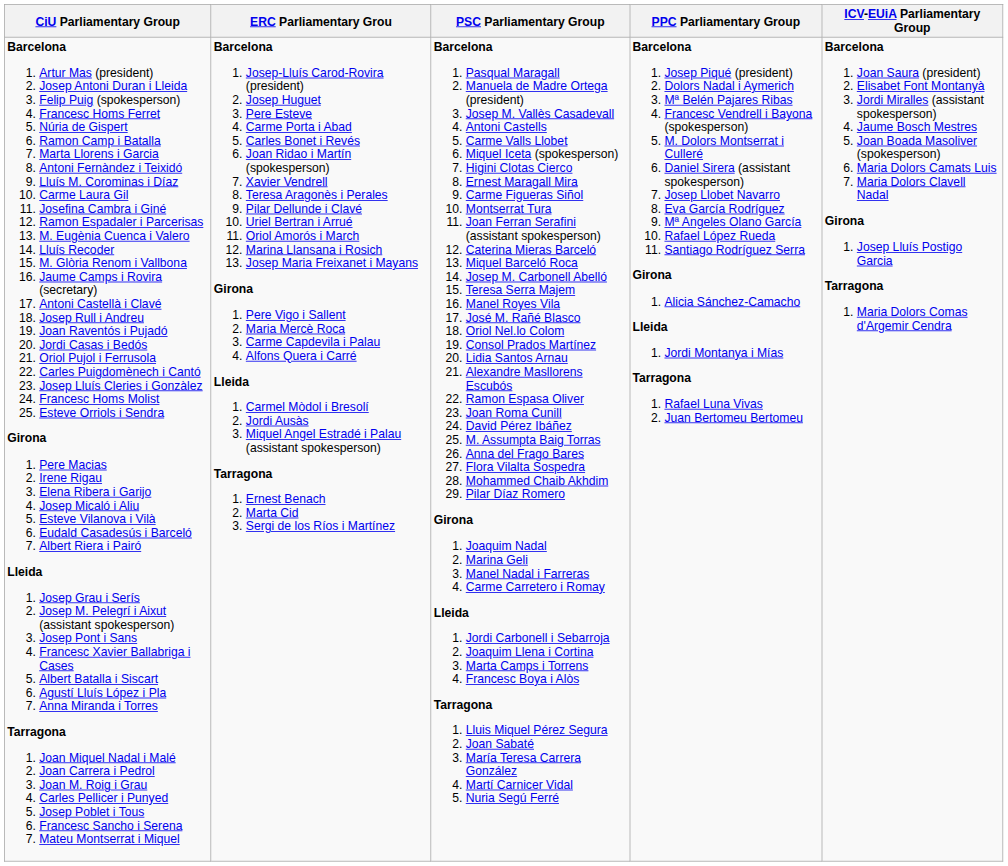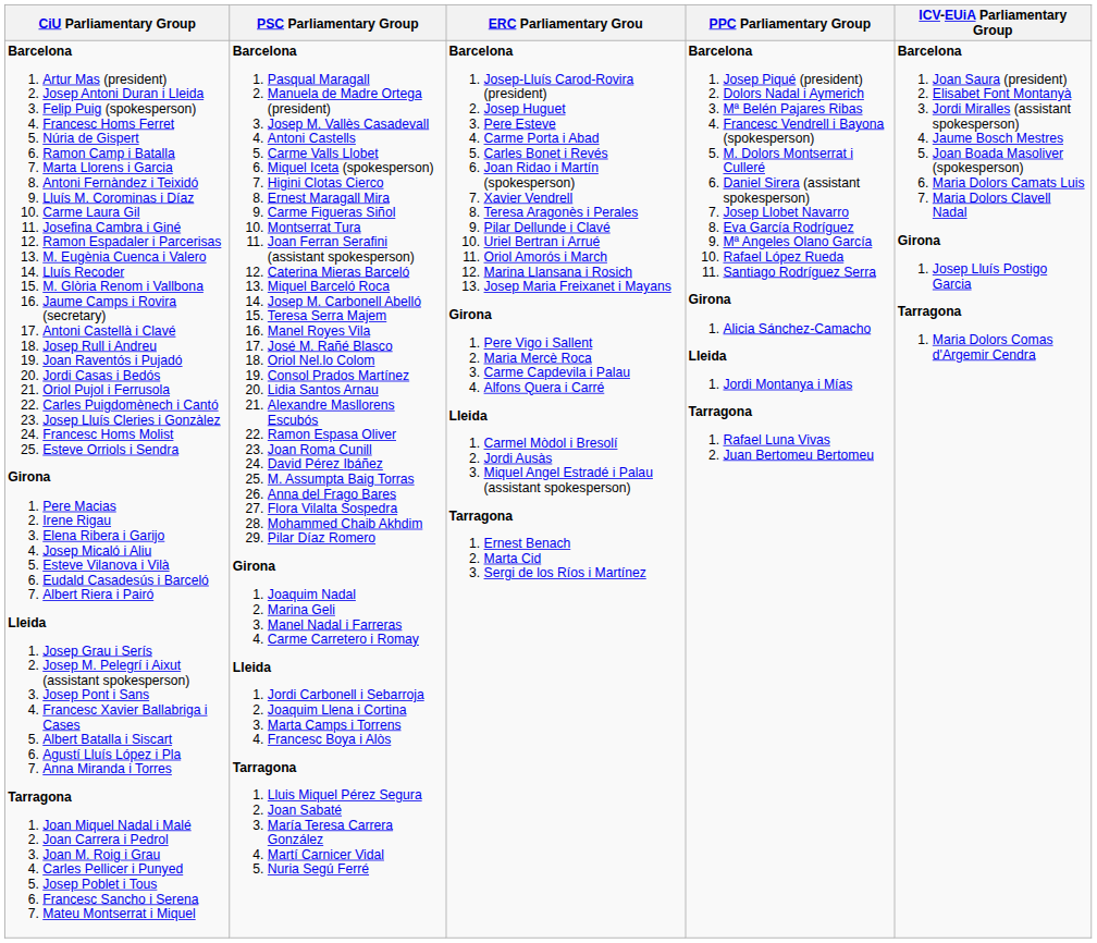 <table class="wikitable" style="font-size: 95%;">
 <tr>
 <th><a href='#'>CiU</a> Parliamentary Group</th>
+<th><a href='#'>PSC</a> Parliamentary Group</th>
 <th><a href='#'>ERC</a> Parliamentary Grou</th>
-<th><a href='#'>PSC</a> Parliamentary Group</th>
 <th><a href='#'>PPC</a> Parliamentary Group</th>
 <th><a href='#'>ICV</a>-<a href='#'>EUiA</a> Parliamentary Group</th>
 </tr>
 <tr>
 <td valign="top"><strong>Barcelona</strong><br><ol><li><a href='#'>Artur Mas</a> (president)</li><li><a href='#'>Josep Antoni Duran i Lleida</a></li><li><a href='#'>Felip Puig</a> (spokesperson)</li><li><a href='#'>Francesc Homs Ferret</a></li><li><a href='#'>Núria de Gispert</a></li><li><a href='#'>Ramon Camp i Batalla</a></li><li><a href='#'>Marta Llorens i Garcia</a></li><li><a href='#'>Antoni Fernàndez i Teixidó</a></li><li><a href='#'>Lluís M. Corominas i Díaz</a></li><li><a href='#'>Carme Laura Gil</a></li><li><a href='#'>Josefina Cambra i Giné</a></li><li><a href='#'>Ramon Espadaler i Parcerisas</a></li><li><a href='#'>M. Eugènia Cuenca i Valero</a></li><li><a href='#'>Lluís Recoder</a></li><li><a href='#'>M. Glòria Renom i Vallbona</a></li><li><a href='#'>Jaume Camps i Rovira</a> (secretary)</li><li><a href='#'>Antoni Castellà i Clavé</a></li><li><a href='#'>Josep Rull i Andreu</a></li><li><a href='#'>Joan Raventós i Pujadó</a></li><li><a href='#'>Jordi Casas i Bedós</a></li><li><a href='#'>Oriol Pujol i Ferrusola</a></li><li><a href='#'>Carles Puigdomènech i Cantó</a></li><li><a href='#'>Josep Lluís Cleries i Gonzàlez</a></li><li><a href='#'>Francesc Homs Molist</a></li><li><a href='#'>Esteve Orriols i Sendra</a></li></ol><strong>Girona</strong><ol><li><a href='#'>Pere Macias</a></li><li><a href='#'>Irene Rigau</a></li><li><a href='#'>Elena Ribera i Garijo</a></li><li><a href='#'>Josep Micaló i Aliu</a></li><li><a href='#'>Esteve Vilanova i Vilà</a></li><li><a href='#'>Eudald Casadesús i Barceló</a></li><li><a href='#'>Albert Riera i Pairó</a></li></ol><strong>Lleida</strong><ol><li><a href='#'>Josep Grau i Serís</a></li><li><a href='#'>Josep M. Pelegrí i Aixut</a> (assistant spokesperson)</li><li><a href='#'>Josep Pont i Sans</a></li><li><a href='#'>Francesc Xavier Ballabriga i Cases</a></li><li><a href='#'>Albert Batalla i Siscart</a></li><li><a href='#'>Agustí Lluís López i Pla</a></li><li><a href='#'>Anna Miranda i Torres</a></li></ol><strong>Tarragona</strong><ol><li><a href='#'>Joan Miquel Nadal i Malé</a></li><li><a href='#'>Joan Carrera i Pedrol</a></li><li><a href='#'>Joan M. Roig i Grau</a></li><li><a href='#'>Carles Pellicer i Punyed</a></li><li><a href='#'>Josep Poblet i Tous</a></li><li><a href='#'>Francesc Sancho i Serena</a></li><li><a href='#'>Mateu Montserrat i Miquel</a></li></ol></td>
+<td valign="top"><strong>Barcelona</strong><br><ol><li><a href='#'>Pasqual Maragall</a></li><li><a href='#'>Manuela de Madre Ortega</a> (president)</li><li><a href='#'>Josep M. Vallès Casadevall</a></li><li><a href='#'>Antoni Castells</a></li><li><a href='#'>Carme Valls Llobet</a></li><li><a href='#'>Miquel Iceta</a> (spokesperson)</li><li><a href='#'>Higini Clotas Cierco</a></li><li><a href='#'>Ernest Maragall Mira</a></li><li><a href='#'>Carme Figueras Siñol</a></li><li><a href='#'>Montserrat Tura</a></li><li><a href='#'>Joan Ferran Serafini</a> (assistant spokesperson)</li><li><a href='#'>Caterina Mieras Barceló</a></li><li><a href='#'>Miquel Barceló Roca</a></li><li><a href='#'>Josep M. Carbonell Abelló</a></li><li><a href='#'>Teresa Serra Majem</a></li><li><a href='#'>Manel Royes Vila</a></li><li><a href='#'>José M. Rañé Blasco</a></li><li><a href='#'>Oriol Nel.lo Colom</a></li><li><a href='#'>Consol Prados Martínez</a></li><li><a href='#'>Lidia Santos Arnau</a></li><li><a href='#'>Alexandre Masllorens Escubós</a></li><li><a href='#'>Ramon Espasa Oliver</a></li><li><a href='#'>Joan Roma Cunill</a></li><li><a href='#'>David Pérez Ibáñez</a></li><li><a href='#'>M. Assumpta Baig Torras</a></li><li><a href='#'>Anna del Frago Bares</a></li><li><a href='#'>Flora Vilalta Sospedra</a></li><li><a href='#'>Mohammed Chaib Akhdim</a></li><li><a href='#'>Pilar Díaz Romero</a></li></ol><strong>Girona</strong><ol><li><a href='#'>Joaquim Nadal</a></li><li><a href='#'>Marina Geli</a></li><li><a href='#'>Manel Nadal i Farreras</a></li><li><a href='#'>Carme Carretero i Romay</a></li></ol><strong>Lleida</strong><ol><li><a href='#'>Jordi Carbonell i Sebarroja</a></li><li><a href='#'>Joaquim Llena i Cortina</a></li><li><a href='#'>Marta Camps i Torrens</a></li><li><a href='#'>Francesc Boya i Alòs</a></li></ol><strong>Tarragona</strong><ol><li><a href='#'>Lluis Miquel Pérez Segura</a></li><li><a href='#'>Joan Sabaté</a></li><li><a href='#'>María Teresa Carrera González</a></li><li><a href='#'>Martí Carnicer Vidal</a></li><li><a href='#'>Nuria Segú Ferré</a></li></ol></td>
 <td valign="top"><strong>Barcelona</strong><br><ol><li><a href='#'>Josep-Lluís Carod-Rovira</a> (president)</li><li><a href='#'>Josep Huguet</a></li><li><a href='#'>Pere Esteve</a></li><li><a href='#'>Carme Porta i Abad</a></li><li><a href='#'>Carles Bonet i Revés</a></li><li><a href='#'>Joan Ridao i Martín</a> (spokesperson)</li><li><a href='#'>Xavier Vendrell</a></li><li><a href='#'>Teresa Aragonès i Perales</a></li><li><a href='#'>Pilar Dellunde i Clavé</a></li><li><a href='#'>Uriel Bertran i Arrué</a></li><li><a href='#'>Oriol Amorós i March</a></li><li><a href='#'>Marina Llansana i Rosich</a></li><li><a href='#'>Josep Maria Freixanet i Mayans</a></li></ol><strong>Girona</strong><ol><li><a href='#'>Pere Vigo i Sallent</a></li><li><a href='#'>Maria Mercè Roca</a></li><li><a href='#'>Carme Capdevila i Palau</a></li><li><a href='#'>Alfons Quera i Carré</a></li></ol><strong>Lleida</strong><ol><li><a href='#'>Carmel Mòdol i Bresolí</a></li><li><a href='#'>Jordi Ausàs</a></li><li><a href='#'>Miquel Angel Estradé i Palau</a> (assistant spokesperson)</li></ol><strong>Tarragona</strong><ol><li><a href='#'>Ernest Benach</a></li><li><a href='#'>Marta Cid</a></li><li><a href='#'>Sergi de los Ríos i Martínez</a></li></ol></td>
-<td valign="top"><strong>Barcelona</strong><br><ol><li><a href='#'>Pasqual Maragall</a></li><li><a href='#'>Manuela de Madre Ortega</a> (president)</li><li><a href='#'>Josep M. Vallès Casadevall</a></li><li><a href='#'>Antoni Castells</a></li><li><a href='#'>Carme Valls Llobet</a></li><li><a href='#'>Miquel Iceta</a> (spokesperson)</li><li><a href='#'>Higini Clotas Cierco</a></li><li><a href='#'>Ernest Maragall Mira</a></li><li><a href='#'>Carme Figueras Siñol</a></li><li><a href='#'>Montserrat Tura</a></li><li><a href='#'>Joan Ferran Serafini</a> (assistant spokesperson)</li><li><a href='#'>Caterina Mieras Barceló</a></li><li><a href='#'>Miquel Barceló Roca</a></li><li><a href='#'>Josep M. Carbonell Abelló</a></li><li><a href='#'>Teresa Serra Majem</a></li><li><a href='#'>Manel Royes Vila</a></li><li><a href='#'>José M. Rañé Blasco</a></li><li><a href='#'>Oriol Nel.lo Colom</a></li><li><a href='#'>Consol Prados Martínez</a></li><li><a href='#'>Lidia Santos Arnau</a></li><li><a href='#'>Alexandre Masllorens Escubós</a></li><li><a href='#'>Ramon Espasa Oliver</a></li><li><a href='#'>Joan Roma Cunill</a></li><li><a href='#'>David Pérez Ibáñez</a></li><li><a href='#'>M. Assumpta Baig Torras</a></li><li><a href='#'>Anna del Frago Bares</a></li><li><a href='#'>Flora Vilalta Sospedra</a></li><li><a href='#'>Mohammed Chaib Akhdim</a></li><li><a href='#'>Pilar Díaz Romero</a></li></ol><strong>Girona</strong><ol><li><a href='#'>Joaquim Nadal</a></li><li><a href='#'>Marina Geli</a></li><li><a href='#'>Manel Nadal i Farreras</a></li><li><a href='#'>Carme Carretero i Romay</a></li></ol><strong>Lleida</strong><ol><li><a href='#'>Jordi Carbonell i Sebarroja</a></li><li><a href='#'>Joaquim Llena i Cortina</a></li><li><a href='#'>Marta Camps i Torrens</a></li><li><a href='#'>Francesc Boya i Alòs</a></li></ol><strong>Tarragona</strong><ol><li><a href='#'>Lluis Miquel Pérez Segura</a></li><li><a href='#'>Joan Sabaté</a></li><li><a href='#'>María Teresa Carrera González</a></li><li><a href='#'>Martí Carnicer Vidal</a></li><li><a href='#'>Nuria Segú Ferré</a></li></ol></td>
 <td valign="top"><strong>Barcelona</strong><br><ol><li><a href='#'>Josep Piqué</a> (president)</li><li><a href='#'>Dolors Nadal i Aymerich</a></li><li><a href='#'>Mª Belén Pajares Ribas</a></li><li><a href='#'>Francesc Vendrell i Bayona</a> (spokesperson)</li><li><a href='#'>M. Dolors Montserrat i Culleré</a></li><li><a href='#'>Daniel Sirera</a> (assistant spokesperson)</li><li><a href='#'>Josep Llobet Navarro</a></li><li><a href='#'>Eva García Rodríguez</a></li><li><a href='#'>Mª Angeles Olano García</a></li><li><a href='#'>Rafael López Rueda</a></li><li><a href='#'>Santiago Rodríguez Serra</a></li></ol><strong>Girona</strong><ol><li><a href='#'>Alicia Sánchez-Camacho</a></li></ol><strong>Lleida</strong><ol><li><a href='#'>Jordi Montanya i Mías</a></li></ol><strong>Tarragona</strong><ol><li><a href='#'>Rafael Luna Vivas</a></li><li><a href='#'>Juan Bertomeu Bertomeu</a></li></ol></td>
 <td valign="top"><strong>Barcelona</strong><br><ol><li><a href='#'>Joan Saura</a> (president)</li><li><a href='#'>Elisabet Font Montanyà</a></li><li><a href='#'>Jordi Miralles</a> (assistant spokesperson)</li><li><a href='#'>Jaume Bosch Mestres</a></li><li><a href='#'>Joan Boada Masoliver</a> (spokesperson)</li><li><a href='#'>Maria Dolors Camats Luis</a></li><li><a href='#'>Maria Dolors Clavell Nadal</a></li></ol><strong>Girona</strong><ol><li><a href='#'>Josep Lluís Postigo Garcia</a></li></ol><strong>Tarragona</strong><ol><li><a href='#'>Maria Dolors Comas d'Argemir Cendra</a></li></ol></td>
 </tr>
 </table>
